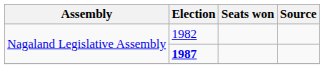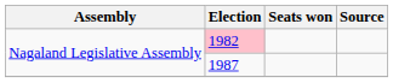 <table class="wikitable sortable">
 <tr>
 <th>Assembly</th>
 <th>Election</th>
 <th>Seats won</th>
 <th>Source</th>
 </tr>
 <tr>
 <td rowspan=2><a href='#'>Nagaland Legislative Assembly</a></td>
-<td><a href='#'>1982</a></td>
+<td style="background: pink;"><a href='#'>1982</a></td>
 <td></td>
 <td></td>
 </tr>
 <tr>
-<td><strong><a href='#'>1987</a></strong></td>
+<td><a href='#'>1987</a></td>
 <td></td>
 <td></td>
 </tr>
 <tr>
 </tr>
 </table>
